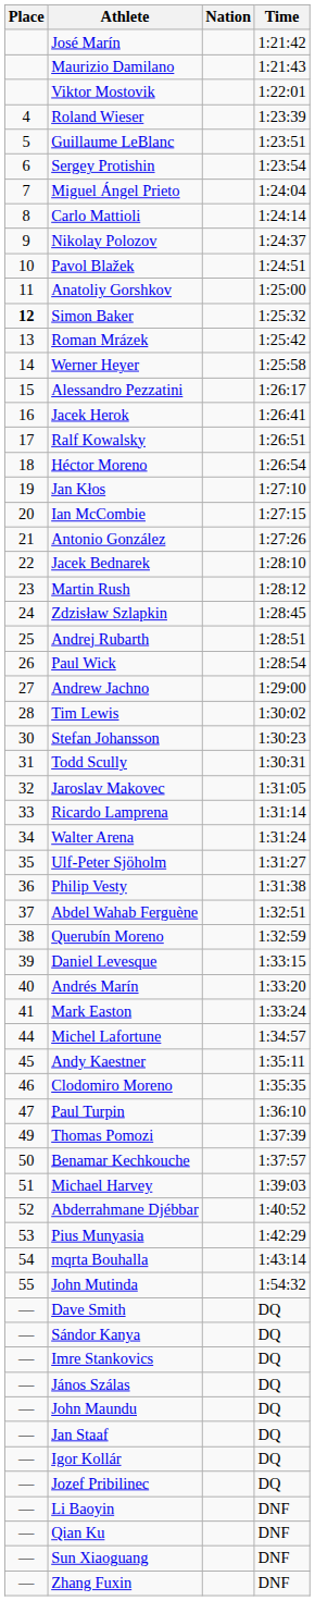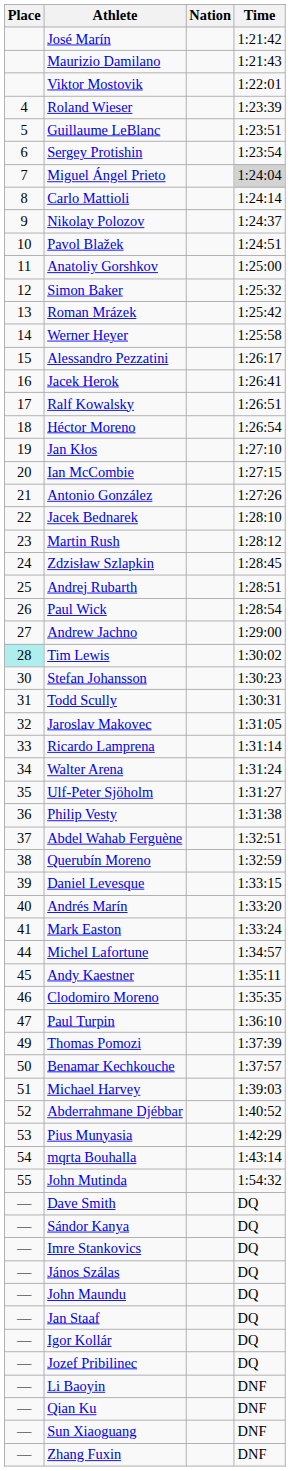 <table class=wikitable>
 <tr>
 <th>Place</th>
 <th>Athlete</th>
 <th>Nation</th>
 <th>Time</th>
 </tr>
 <tr>
 <td align=center></td>
 <td><a href='#'>José Marín</a></td>
 <td></td>
 <td>1:21:42</td>
 </tr>
 <tr>
 <td align=center></td>
 <td><a href='#'>Maurizio Damilano</a></td>
 <td></td>
 <td>1:21:43</td>
 </tr>
 <tr>
 <td align=center></td>
 <td><a href='#'>Viktor Mostovik</a></td>
 <td></td>
 <td>1:22:01</td>
 </tr>
 <tr>
 <td align=center>4</td>
 <td><a href='#'>Roland Wieser</a></td>
 <td></td>
 <td>1:23:39</td>
 </tr>
 <tr>
 <td align=center>5</td>
 <td><a href='#'>Guillaume LeBlanc</a></td>
 <td></td>
 <td>1:23:51</td>
 </tr>
 <tr>
 <td align=center>6</td>
 <td><a href='#'>Sergey Protishin</a></td>
 <td></td>
 <td>1:23:54</td>
 </tr>
 <tr>
 <td align=center>7</td>
 <td><a href='#'>Miguel Ángel Prieto</a></td>
 <td></td>
-<td>1:24:04</td>
+<td style="background: lightgrey;">1:24:04</td>
 </tr>
 <tr>
 <td align=center>8</td>
 <td><a href='#'>Carlo Mattioli</a></td>
 <td></td>
 <td>1:24:14</td>
 </tr>
 <tr>
 <td align=center>9</td>
 <td><a href='#'>Nikolay Polozov</a></td>
 <td></td>
 <td>1:24:37</td>
 </tr>
 <tr>
 <td align=center>10</td>
 <td><a href='#'>Pavol Blažek</a></td>
 <td></td>
 <td>1:24:51</td>
 </tr>
 <tr>
 <td align=center>11</td>
 <td><a href='#'>Anatoliy Gorshkov</a></td>
 <td></td>
 <td>1:25:00</td>
 </tr>
 <tr>
-<td align=center><strong>12</strong></td>
+<td align=center>12</td>
 <td><a href='#'>Simon Baker</a></td>
 <td></td>
 <td>1:25:32</td>
 </tr>
 <tr>
 <td align=center>13</td>
 <td><a href='#'>Roman Mrázek</a></td>
 <td></td>
 <td>1:25:42</td>
 </tr>
 <tr>
 <td align=center>14</td>
 <td><a href='#'>Werner Heyer</a></td>
 <td></td>
 <td>1:25:58</td>
 </tr>
 <tr>
 <td align=center>15</td>
 <td><a href='#'>Alessandro Pezzatini</a></td>
 <td></td>
 <td>1:26:17</td>
 </tr>
 <tr>
 <td align=center>16</td>
 <td><a href='#'>Jacek Herok</a></td>
 <td></td>
 <td>1:26:41</td>
 </tr>
 <tr>
 <td align=center>17</td>
 <td><a href='#'>Ralf Kowalsky</a></td>
 <td></td>
 <td>1:26:51</td>
 </tr>
 <tr>
 <td align=center>18</td>
 <td><a href='#'>Héctor Moreno</a></td>
 <td></td>
 <td>1:26:54</td>
 </tr>
 <tr>
 <td align=center>19</td>
 <td><a href='#'>Jan Kłos</a></td>
 <td></td>
 <td>1:27:10</td>
 </tr>
 <tr>
 <td align=center>20</td>
 <td><a href='#'>Ian McCombie</a></td>
 <td></td>
 <td>1:27:15</td>
 </tr>
 <tr>
 <td align=center>21</td>
 <td><a href='#'>Antonio González</a></td>
 <td></td>
 <td>1:27:26</td>
 </tr>
 <tr>
 <td align=center>22</td>
 <td><a href='#'>Jacek Bednarek</a></td>
 <td></td>
 <td>1:28:10</td>
 </tr>
 <tr>
 <td align=center>23</td>
 <td><a href='#'>Martin Rush</a></td>
 <td></td>
 <td>1:28:12</td>
 </tr>
 <tr>
 <td align=center>24</td>
 <td><a href='#'>Zdzisław Szlapkin</a></td>
 <td></td>
 <td>1:28:45</td>
 </tr>
 <tr>
 <td align=center>25</td>
 <td><a href='#'>Andrej Rubarth</a></td>
 <td></td>
 <td>1:28:51</td>
 </tr>
 <tr>
 <td align=center>26</td>
 <td><a href='#'>Paul Wick</a></td>
 <td></td>
 <td>1:28:54</td>
 </tr>
 <tr>
 <td align=center>27</td>
 <td><a href='#'>Andrew Jachno</a></td>
 <td></td>
 <td>1:29:00</td>
 </tr>
 <tr>
-<td align=center>28</td>
+<td align=center style="background: paleturquoise;">28</td>
 <td><a href='#'>Tim Lewis</a></td>
 <td></td>
 <td>1:30:02</td>
 </tr>
 <tr>
 <td align=center>30</td>
 <td><a href='#'>Stefan Johansson</a></td>
 <td></td>
 <td>1:30:23</td>
 </tr>
 <tr>
 <td align=center>31</td>
 <td><a href='#'>Todd Scully</a></td>
 <td></td>
 <td>1:30:31</td>
 </tr>
 <tr>
 <td align=center>32</td>
 <td><a href='#'>Jaroslav Makovec</a></td>
 <td></td>
 <td>1:31:05</td>
 </tr>
 <tr>
 <td align=center>33</td>
 <td><a href='#'>Ricardo Lamprena</a></td>
 <td></td>
 <td>1:31:14</td>
 </tr>
 <tr>
 <td align=center>34</td>
 <td><a href='#'>Walter Arena</a></td>
 <td></td>
 <td>1:31:24</td>
 </tr>
 <tr>
 <td align=center>35</td>
 <td><a href='#'>Ulf-Peter Sjöholm</a></td>
 <td></td>
 <td>1:31:27</td>
 </tr>
 <tr>
 <td align=center>36</td>
 <td><a href='#'>Philip Vesty</a></td>
 <td></td>
 <td>1:31:38</td>
 </tr>
 <tr>
 <td align=center>37</td>
 <td><a href='#'>Abdel Wahab Ferguène</a></td>
 <td></td>
 <td>1:32:51</td>
 </tr>
 <tr>
 <td align=center>38</td>
 <td><a href='#'>Querubín Moreno</a></td>
 <td></td>
 <td>1:32:59</td>
 </tr>
 <tr>
 <td align=center>39</td>
 <td><a href='#'>Daniel Levesque</a></td>
 <td></td>
 <td>1:33:15</td>
 </tr>
 <tr>
 <td align=center>40</td>
 <td><a href='#'>Andrés Marín</a></td>
 <td></td>
 <td>1:33:20</td>
 </tr>
 <tr>
 <td align=center>41</td>
 <td><a href='#'>Mark Easton</a></td>
 <td></td>
 <td>1:33:24</td>
 </tr>
 <tr>
 <td align=center>44</td>
 <td><a href='#'>Michel Lafortune</a></td>
 <td></td>
 <td>1:34:57</td>
 </tr>
 <tr>
 <td align=center>45</td>
 <td><a href='#'>Andy Kaestner</a></td>
 <td></td>
 <td>1:35:11</td>
 </tr>
 <tr>
 <td align=center>46</td>
 <td><a href='#'>Clodomiro Moreno</a></td>
 <td></td>
 <td>1:35:35</td>
 </tr>
 <tr>
 <td align=center>47</td>
 <td><a href='#'>Paul Turpin</a></td>
 <td></td>
 <td>1:36:10</td>
 </tr>
 <tr>
 <td align=center>49</td>
 <td><a href='#'>Thomas Pomozi</a></td>
 <td></td>
 <td>1:37:39</td>
 </tr>
 <tr>
 <td align=center>50</td>
 <td><a href='#'>Benamar Kechkouche</a></td>
 <td></td>
 <td>1:37:57</td>
 </tr>
 <tr>
 <td align=center>51</td>
 <td><a href='#'>Michael Harvey</a></td>
 <td></td>
 <td>1:39:03</td>
 </tr>
 <tr>
 <td align=center>52</td>
 <td><a href='#'>Abderrahmane Djébbar</a></td>
 <td></td>
 <td>1:40:52</td>
 </tr>
 <tr>
 <td align=center>53</td>
 <td><a href='#'>Pius Munyasia</a></td>
 <td></td>
 <td>1:42:29</td>
 </tr>
 <tr>
 <td align=center>54</td>
 <td><a href='#'>mqrta Bouhalla</a></td>
 <td></td>
 <td>1:43:14</td>
 </tr>
 <tr>
 <td align=center>55</td>
 <td><a href='#'>John Mutinda</a></td>
 <td></td>
 <td>1:54:32</td>
 </tr>
 <tr>
 <td align=center>—</td>
 <td><a href='#'>Dave Smith</a></td>
 <td></td>
 <td>DQ</td>
 </tr>
 <tr>
 <td align=center>—</td>
 <td><a href='#'>Sándor Kanya</a></td>
 <td></td>
 <td>DQ</td>
 </tr>
 <tr>
 <td align=center>—</td>
 <td><a href='#'>Imre Stankovics</a></td>
 <td></td>
 <td>DQ</td>
 </tr>
 <tr>
 <td align=center>—</td>
 <td><a href='#'>János Szálas</a></td>
 <td></td>
 <td>DQ</td>
 </tr>
 <tr>
 <td align=center>—</td>
 <td><a href='#'>John Maundu</a></td>
 <td></td>
 <td>DQ</td>
 </tr>
 <tr>
 <td align=center>—</td>
 <td><a href='#'>Jan Staaf</a></td>
 <td></td>
 <td>DQ</td>
 </tr>
 <tr>
 <td align=center>—</td>
 <td><a href='#'>Igor Kollár</a></td>
 <td></td>
 <td>DQ</td>
 </tr>
 <tr>
 <td align=center>—</td>
 <td><a href='#'>Jozef Pribilinec</a></td>
 <td></td>
 <td>DQ</td>
 </tr>
 <tr>
 <td align=center>—</td>
 <td><a href='#'>Li Baoyin</a></td>
 <td></td>
 <td>DNF</td>
 </tr>
 <tr>
 <td align=center>—</td>
 <td><a href='#'>Qian Ku</a></td>
 <td></td>
 <td>DNF</td>
 </tr>
 <tr>
 <td align=center>—</td>
 <td><a href='#'>Sun Xiaoguang</a></td>
 <td></td>
 <td>DNF</td>
 </tr>
 <tr>
 <td align=center>—</td>
 <td><a href='#'>Zhang Fuxin</a></td>
 <td></td>
 <td>DNF</td>
 </tr>
 </table>
